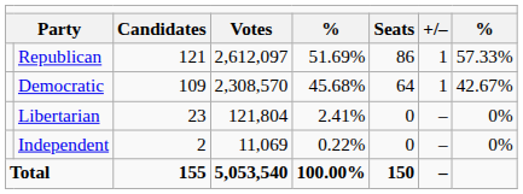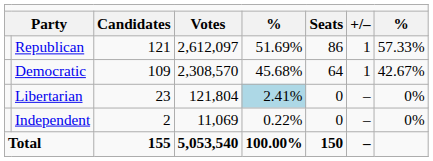 <table class="wikitable" style="font-size:100%; text-align:right;">
 <tr>
 <td colspan=15 align=center></td>
 </tr>
 <tr>
 <th colspan=2>Party</th>
 <th>Candidates</th>
 <th>Votes</th>
 <th>%</th>
 <th>Seats</th>
 <th>+/–</th>
 <th>%</th>
 </tr>
 <tr>
 <td style="background:"></td>
 <td align=left><a href='#'>Republican</a></td>
 <td>121</td>
 <td>2,612,097</td>
 <td>51.69%</td>
 <td>86</td>
 <td>1</td>
 <td>57.33%</td>
 </tr>
 <tr>
 <td style="background:"></td>
 <td align=left><a href='#'>Democratic</a></td>
 <td>109</td>
 <td>2,308,570</td>
 <td>45.68%</td>
 <td>64</td>
 <td>1</td>
 <td>42.67%</td>
 </tr>
 <tr>
 <td style="background:"></td>
 <td align=left><a href='#'>Libertarian</a></td>
 <td>23</td>
 <td>121,804</td>
-<td>2.41%</td>
+<td style="background: lightblue;">2.41%</td>
 <td>0</td>
 <td>–</td>
 <td>0%</td>
 </tr>
 <tr>
 <td style="background:"></td>
 <td align=left><a href='#'>Independent</a></td>
 <td>2</td>
 <td>11,069</td>
 <td>0.22%</td>
 <td>0</td>
 <td>–</td>
 <td>0%</td>
 </tr>
 <tr style="font-weight:bold">
 <td colspan=2 align=left>Total</td>
 <td>155</td>
 <td>5,053,540</td>
 <td>100.00%</td>
 <td>150</td>
 <td>–</td>
 </tr>
 </table>
